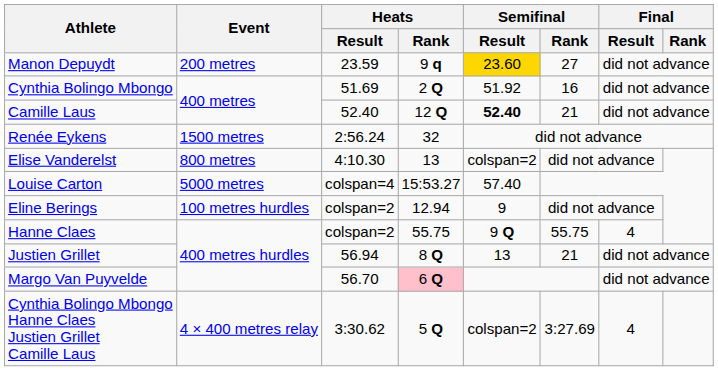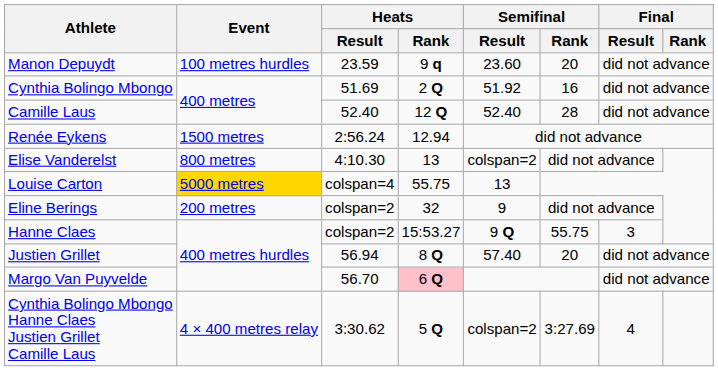 <table class="wikitable" border="1" style="font-size:90%">
 <tr>
 <th rowspan="2">Athlete</th>
 <th rowspan="2">Event</th>
 <th colspan="2">Heats</th>
 <th colspan="2">Semifinal</th>
 <th colspan="2">Final</th>
 </tr>
 <tr>
 <th>Result</th>
 <th>Rank</th>
 <th>Result</th>
 <th>Rank</th>
 <th>Result</th>
 <th>Rank</th>
 </tr>
 <tr align=center>
 <td align=left><a href='#'>Manon Depuydt</a></td>
-<td align=left><a href='#'>200 metres</a></td>
+<td align=left><a href='#'>100 metres hurdles</a></td>
 <td>23.59</td>
 <td>9 <strong>q</strong></td>
-<td style="background: gold;">23.60</td>
-<td>27</td>
+<td>23.60</td>
+<td>20</td>
 <td align=center colspan=2>did not advance</td>
 </tr>
 <tr align=center>
 <td align=left><a href='#'>Cynthia Bolingo Mbongo</a></td>
 <td align=left rowspan=2><a href='#'>400 metres</a></td>
 <td>51.69 </td>
 <td>2 <strong>Q</strong></td>
 <td>51.92</td>
 <td>16</td>
 <td align=center colspan=2>did not advance</td>
 </tr>
 <tr align=center>
 <td align=left><a href='#'>Camille Laus</a></td>
 <td>52.40</td>
 <td>12 <strong>Q</strong></td>
-<td><strong>52.40</strong></td>
-<td>21</td>
+<td>52.40</td>
+<td>28</td>
 <td align=center colspan=2>did not advance</td>
 </tr>
 <tr align=center>
 <td align=left><a href='#'>Renée Eykens</a></td>
 <td align=left><a href='#'>1500 metres</a></td>
 <td>2:56.24</td>
-<td>32</td>
+<td>12.94</td>
 <td align=center colspan=4>did not advance</td>
 </tr>
 <tr align=center>
 <td align=left><a href='#'>Elise Vanderelst</a></td>
 <td align=left><a href='#'>800 metres</a></td>
 <td>4:10.30</td>
 <td>13</td>
 <td>colspan=2</td>
 <td colspan=2>did not advance</td>
 </tr>
 <tr align=center>
 <td align=left><a href='#'>Louise Carton</a></td>
-<td align=left><a href='#'>5000 metres</a></td>
+<td align=left style="background: gold;"><a href='#'>5000 metres</a></td>
 <td>colspan=4</td>
-<td>15:53.27</td>
-<td>57.40</td>
+<td>55.75</td>
+<td>13</td>
 </tr>
 <tr align=center>
 <td align=left><a href='#'>Eline Berings</a></td>
-<td align=left><a href='#'>100 metres hurdles</a></td>
+<td align=left><a href='#'>200 metres</a></td>
 <td>colspan=2</td>
-<td>12.94</td>
+<td>32</td>
 <td>9</td>
 <td colspan=2>did not advance</td>
 </tr>
 <tr align=center>
 <td align=left><a href='#'>Hanne Claes</a></td>
 <td align=left rowspan=3><a href='#'>400 metres hurdles</a></td>
 <td>colspan=2</td>
-<td>55.75</td>
+<td>15:53.27</td>
 <td>9 <strong>Q</strong></td>
 <td>55.75</td>
-<td>4</td>
+<td>3</td>
 </tr>
 <tr align=center>
 <td align=left><a href='#'>Justien Grillet</a></td>
 <td>56.94</td>
 <td>8 <strong>Q</strong></td>
-<td>13</td>
-<td>21</td>
+<td>57.40</td>
+<td>20</td>
 <td colspan=2>did not advance</td>
 </tr>
 <tr align=center>
 <td align=left><a href='#'>Margo Van Puyvelde</a></td>
 <td>56.70</td>
 <td style="background: pink;">6 <strong>Q</strong></td>
 <td colspan=2></td>
 <td colspan=2>did not advance</td>
 </tr>
 <tr align=center>
 <td align=left><a href='#'>Cynthia Bolingo Mbongo</a><br><a href='#'>Hanne Claes</a><br><a href='#'>Justien Grillet</a><br><a href='#'>Camille Laus</a></td>
 <td align=left><a href='#'>4 × 400 metres relay</a></td>
 <td>3:30.62</td>
 <td>5 <strong>Q</strong></td>
 <td>colspan=2</td>
 <td>3:27.69 </td>
 <td>4</td>
 </tr>
 </table>
